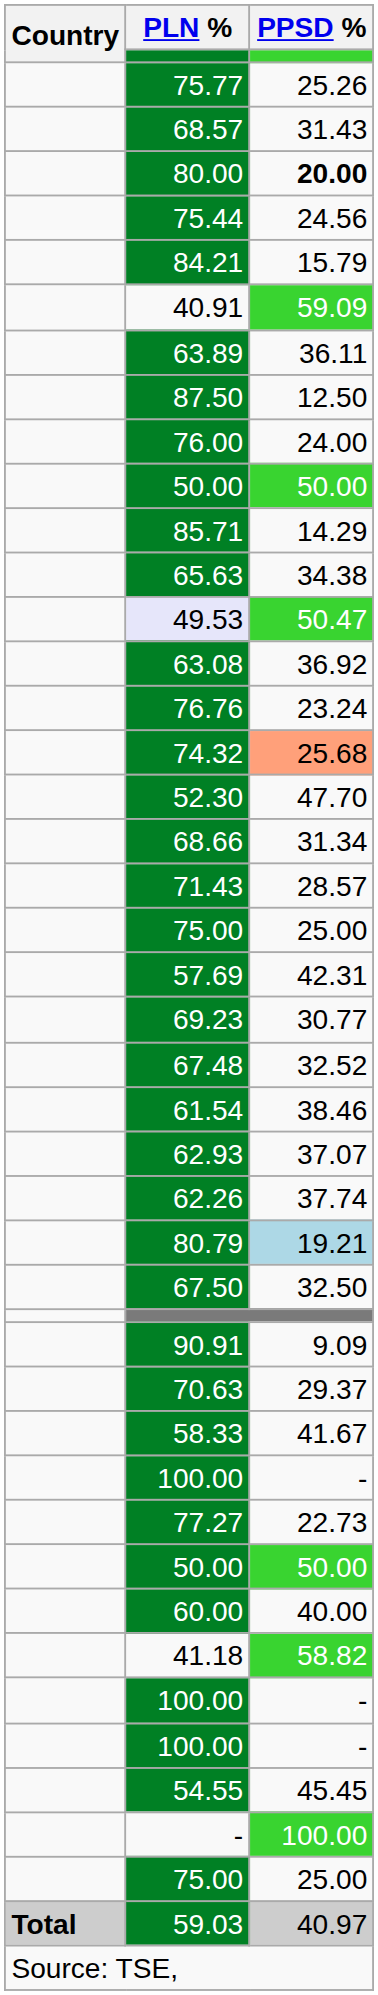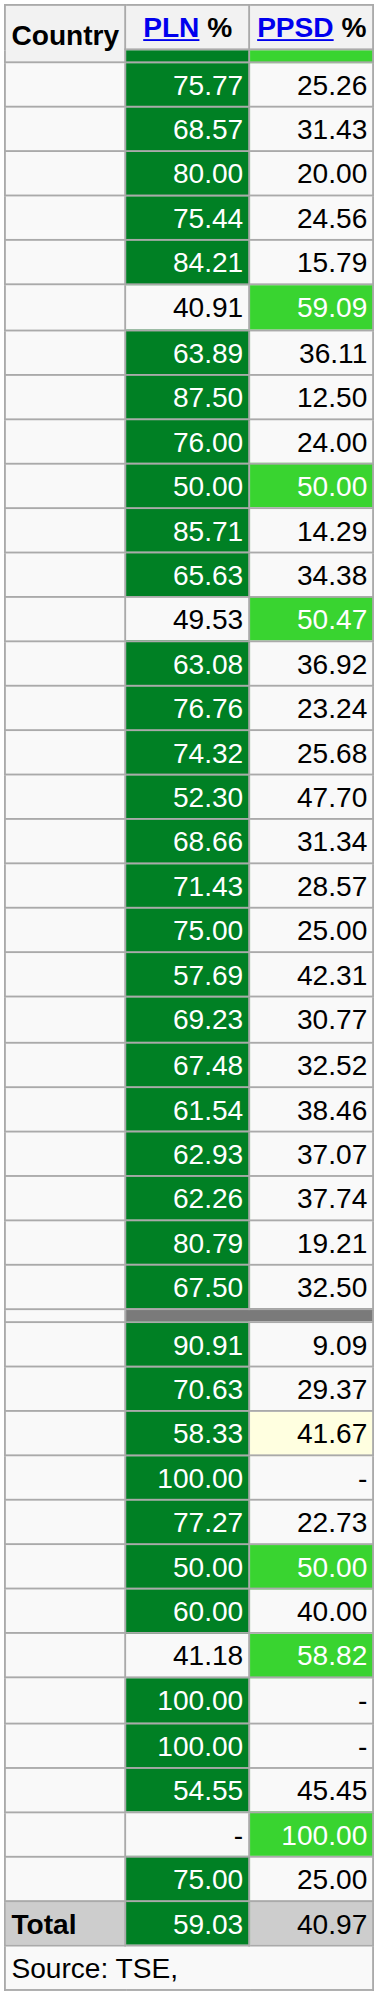 <table class="wikitable sortable" style="text-align:right; font-size:95%">
 <tr>
 <th rowspan=2>Country</th>
 <th width=60px><a href='#'>PLN</a> %</th>
 <th width=60px><a href='#'>PPSD</a> %</th>
 </tr>
 <tr>
 <th style="background:#008024"></th>
 <th style="background:#39d430"></th>
 </tr>
 <tr>
 <td align="left"></td>
 <td style="background:#008024; color:white;">75.77</td>
 <td>25.26</td>
 </tr>
 <tr>
 <td align="left"></td>
 <td style="background:#008024; color:white;">68.57</td>
 <td>31.43</td>
 </tr>
 <tr>
 <td align="left"></td>
 <td style="background:#008024; color:white;">80.00</td>
-<td><strong>20.00</strong></td>
+<td>20.00</td>
 </tr>
 <tr>
 <td align="left"></td>
 <td style="background:#008024; color:white;">75.44</td>
 <td>24.56</td>
 </tr>
 <tr>
 <td align="left"></td>
 <td style="background:#008024; color:white;">84.21</td>
 <td>15.79</td>
 </tr>
 <tr>
 <td align="left"></td>
 <td>40.91</td>
 <td style="background:#39d430; color:white;">59.09</td>
 </tr>
 <tr>
 <td align="left"></td>
 <td style="background:#008024; color:white;">63.89</td>
 <td>36.11</td>
 </tr>
 <tr>
 <td align="left"></td>
 <td style="background:#008024; color:white;">87.50</td>
 <td>12.50</td>
 </tr>
 <tr>
 <td align="left"></td>
 <td style="background:#008024; color:white;">76.00</td>
 <td>24.00</td>
 </tr>
 <tr>
 <td align="left"></td>
 <td style="background:#008024; color:white;">50.00</td>
 <td style="background:#39d430; color:white;">50.00</td>
 </tr>
 <tr>
 <td align="left"></td>
 <td style="background:#008024; color:white;">85.71</td>
 <td>14.29</td>
 </tr>
 <tr>
 <td align="left"></td>
 <td style="background:#008024; color:white;">65.63</td>
 <td>34.38</td>
 </tr>
 <tr>
 <td align="left"></td>
-<td style="background: lavender;">49.53</td>
+<td>49.53</td>
 <td style="background:#39d430; color:white;">50.47</td>
 </tr>
 <tr>
 <td align="left"></td>
 <td style="background:#008024; color:white;">63.08</td>
 <td>36.92</td>
 </tr>
 <tr>
 <td align="left"></td>
 <td style="background:#008024; color:white;">76.76</td>
 <td>23.24</td>
 </tr>
 <tr>
 <td align="left"></td>
 <td style="background:#008024; color:white;">74.32</td>
-<td style="background: lightsalmon;">25.68</td>
+<td>25.68</td>
 </tr>
 <tr>
 <td align="left"></td>
 <td style="background:#008024; color:white;">52.30</td>
 <td>47.70</td>
 </tr>
 <tr>
 <td align="left"></td>
 <td style="background:#008024; color:white;">68.66</td>
 <td>31.34</td>
 </tr>
 <tr>
 <td align="left"></td>
 <td style="background:#008024; color:white;">71.43</td>
 <td>28.57</td>
 </tr>
 <tr>
 <td align="left"></td>
 <td style="background:#008024; color:white;">75.00</td>
 <td>25.00</td>
 </tr>
 <tr>
 <td align="left"></td>
 <td style="background:#008024; color:white;">57.69</td>
 <td>42.31</td>
 </tr>
 <tr>
 <td align="left"></td>
 <td style="background:#008024; color:white;">69.23</td>
 <td>30.77</td>
 </tr>
 <tr>
 <td align="left"></td>
 <td style="background:#008024; color:white;">67.48</td>
 <td>32.52</td>
 </tr>
 <tr>
 <td align="left"></td>
 <td style="background:#008024; color:white;">61.54</td>
 <td>38.46</td>
 </tr>
 <tr>
 <td align="left"></td>
 <td style="background:#008024; color:white;">62.93</td>
 <td>37.07</td>
 </tr>
 <tr>
 <td align="left"></td>
 <td style="background:#008024; color:white;">62.26</td>
 <td>37.74</td>
 </tr>
 <tr>
 <td align="left"></td>
 <td style="background:#008024; color:white;">80.79</td>
-<td style="background: lightblue;">19.21</td>
+<td>19.21</td>
 </tr>
 <tr>
 <td align="left"></td>
 <td style="background:#008024; color:white;">67.50</td>
 <td>32.50</td>
 </tr>
 <tr>
 <td align="left"></td>
 <td colspan=3; style="background:#7a7a7a; color:white;"><em></em></td>
 </tr>
 <tr>
 <td align="left"></td>
 <td style="background:#008024; color:white;">90.91</td>
 <td>9.09</td>
 </tr>
 <tr>
 <td align="left"></td>
 <td style="background:#008024; color:white;">70.63</td>
 <td>29.37</td>
 </tr>
 <tr>
 <td align="left"></td>
 <td style="background:#008024; color:white;">58.33</td>
-<td>41.67</td>
+<td style="background: lightyellow;">41.67</td>
 </tr>
 <tr>
 <td align="left"></td>
 <td style="background:#008024; color:white;">100.00</td>
 <td>-</td>
 </tr>
 <tr>
 <td align="left"></td>
 <td style="background:#008024; color:white;">77.27</td>
 <td>22.73</td>
 </tr>
 <tr>
 <td align="left"></td>
 <td style="background:#008024; color:white;">50.00</td>
 <td style="background:#39d430; color:white;">50.00</td>
 </tr>
 <tr>
 <td align="left"></td>
 <td style="background:#008024; color:white;">60.00</td>
 <td>40.00</td>
 </tr>
 <tr>
 <td align="left"></td>
 <td>41.18</td>
 <td style="background:#39d430; color:white;">58.82</td>
 </tr>
 <tr>
 <td align="left"></td>
 <td style="background:#008024; color:white;">100.00</td>
 <td>-</td>
 </tr>
 <tr>
 <td align="left"></td>
 <td style="background:#008024; color:white;">100.00</td>
 <td>-</td>
 </tr>
 <tr>
 <td align="left"></td>
 <td style="background:#008024; color:white;">54.55</td>
 <td>45.45</td>
 </tr>
 <tr>
 <td align="left"></td>
 <td>-</td>
 <td style="background:#39d430; color:white;">100.00</td>
 </tr>
 <tr>
 <td align="left"></td>
 <td style="background:#008024; color:white;">75.00</td>
 <td>25.00</td>
 </tr>
 <tr style="background:#CDCDCD;">
 <td align="left"><strong>Total</strong></td>
 <td style="background:#008024; color:white;">59.03</td>
 <td>40.97</td>
 </tr>
 <tr>
 <td align=left colspan=13>Source: TSE, </td>
 </tr>
 </table>
